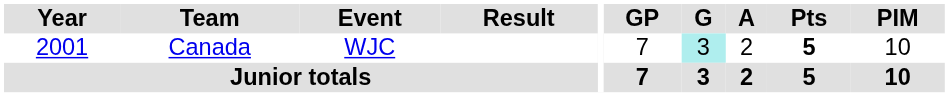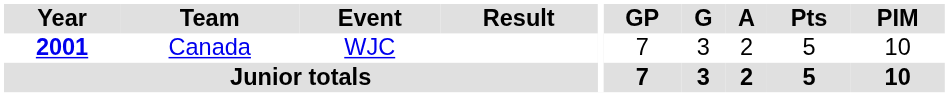 <table border="0" cellpadding="1" cellspacing="0" ID="Table3" style="text-align:center; width:40em">
 <tr ALIGN="center" bgcolor="#e0e0e0">
 <th>Year</th>
 <th>Team</th>
 <th>Event</th>
 <th>Result</th>
 <th rowspan="99" bgcolor="#ffffff"></th>
 <th>GP</th>
 <th>G</th>
 <th>A</th>
 <th>Pts</th>
 <th>PIM</th>
 </tr>
 <tr>
-<td><a href='#'>2001</a></td>
+<td><strong><a href='#'>2001</a></strong></td>
 <td><a href='#'>Canada</a></td>
 <td><a href='#'>WJC</a></td>
 <td></td>
 <td>7</td>
-<td style="background: paleturquoise;">3</td>
+<td>3</td>
 <td>2</td>
-<td><strong>5</strong></td>
+<td>5</td>
 <td>10</td>
 </tr>
 <tr bgcolor="#e0e0e0">
 <th colspan="4">Junior totals</th>
 <th>7</th>
 <th>3</th>
 <th>2</th>
 <th>5</th>
 <th>10</th>
 </tr>
 </table>
